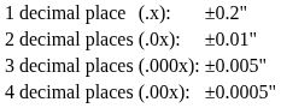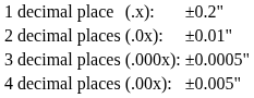 <table border="0">
 <tr>
 <td style="padding-left:2em;">1 decimal place</td>
 <td>(.x):</td>
 <td>±0.2"</td>
 </tr>
 <tr>
 <td style="padding-left:2em;">2 decimal places</td>
 <td>(.0x):</td>
 <td>±0.01"</td>
 </tr>
 <tr>
 <td style="padding-left:2em;">3 decimal places</td>
 <td>(.000x):</td>
-<td>±0.005"</td>
+<td>±0.0005"</td>
 </tr>
 <tr>
 <td style="padding-left:2em;">4 decimal places</td>
 <td>(.00x):</td>
-<td>±0.0005"</td>
+<td>±0.005"</td>
 </tr>
 </table>
